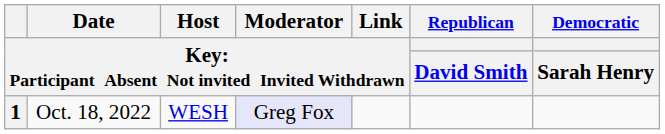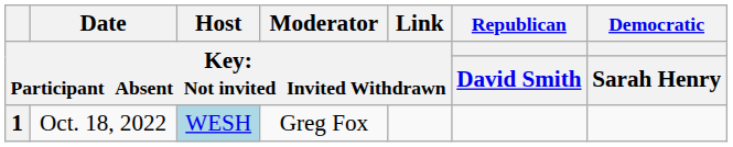 <table class="wikitable" style="text-align:center;">
 <tr>
 <th scope="col"></th>
 <th scope="col">Date</th>
 <th scope="col">Host</th>
 <th scope="col">Moderator</th>
 <th scope="col">Link</th>
 <th scope="col"><small><a href='#'>Republican</a></small></th>
 <th scope="col"><small><a href='#'>Democratic</a></small></th>
 </tr>
 <tr>
 <th colspan="5" rowspan="2">Key:<br> <small>Participant </small>  <small>Absent </small>  <small>Not invited </small>  <small>Invited  Withdrawn</small></th>
 <th scope="col" style="background:"></th>
 <th scope="col" style="background:"></th>
 </tr>
 <tr>
 <th scope="col"><a href='#'>David Smith</a></th>
 <th scope="col">Sarah Henry</th>
 </tr>
 <tr>
 <th>1</th>
 <td style="white-space:nowrap;">Oct. 18, 2022</td>
-<td style="white-space:nowrap;"><a href='#'>WESH</a></td>
-<td style="background: lavender; white-space:nowrap;">Greg Fox</td>
+<td style="background: lightblue; white-space:nowrap;"><a href='#'>WESH</a></td>
+<td style="white-space:nowrap;">Greg Fox</td>
 <td style="white-space:nowrap;"></td>
 <td></td>
 <td></td>
 </tr>
 </table>
